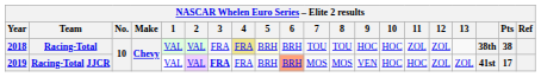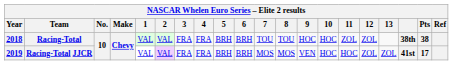 <table class="wikitable" style="text-align:center; font-size:75%">
 <tr>
 <th colspan=20><a href='#'>NASCAR Whelen Euro Series</a> – Elite 2 results</th>
 </tr>
 <tr>
 <th>Year</th>
 <th>Team</th>
 <th>No.</th>
 <th>Make</th>
 <th>1</th>
 <th>2</th>
 <th>3</th>
 <th>4</th>
 <th>5</th>
 <th>6</th>
 <th>7</th>
 <th>8</th>
 <th>9</th>
 <th>10</th>
 <th>11</th>
 <th>12</th>
 <th>13</th>
 <th></th>
 <th>Pts</th>
 <th>Ref</th>
 </tr>
 <tr>
 <th><a href='#'>2018</a></th>
 <th><a href='#'>Racing-Total</a></th>
 <th rowspan=2>10</th>
 <th rowspan=2><a href='#'>Chevy</a></th>
 <td style="background:#DFFFDF;"><a href='#'>VAL</a><br></td>
 <td style="background:#DFFFDF;"><a href='#'>VAL</a><br></td>
 <td><a href='#'>FRA</a></td>
-<td style="background: khaki;"><a href='#'>FRA</a></td>
-<td style="background: lightyellow;"><a href='#'>BRH</a></td>
+<td><a href='#'>FRA</a></td>
+<td><a href='#'>BRH</a></td>
 <td><a href='#'>BRH</a></td>
 <td><a href='#'>TOU</a></td>
 <td><a href='#'>TOU</a></td>
 <td><a href='#'>HOC</a></td>
 <td><a href='#'>HOC</a></td>
 <td><a href='#'>ZOL</a></td>
 <td><a href='#'>ZOL</a></td>
 <td></td>
 <th>38th</th>
 <th>38</th>
 <th></th>
 </tr>
 <tr>
 <th><a href='#'>2019</a></th>
 <th><a href='#'>Racing-Total</a> <a href='#'>JJCR</a></th>
 <td style="background:#FFFFFF;"><a href='#'>VAL</a><br></td>
 <td style="background:#EFCFFF;"><a href='#'>VAL</a><br></td>
-<td><strong><a href='#'>FRA</a></strong></td>
+<td><a href='#'>FRA</a></td>
 <td><a href='#'>FRA</a></td>
 <td><a href='#'>BRH</a></td>
-<td style="background: lightsalmon;"><a href='#'>BRH</a></td>
+<td><a href='#'>BRH</a></td>
 <td><a href='#'>MOS</a></td>
 <td><a href='#'>MOS</a></td>
 <td><a href='#'>VEN</a></td>
 <td><a href='#'>HOC</a></td>
 <td><a href='#'>HOC</a></td>
 <td><a href='#'>ZOL</a></td>
 <td><a href='#'>ZOL</a></td>
 <th>41st</th>
 <th>17</th>
 <th></th>
 </tr>
 </table>
